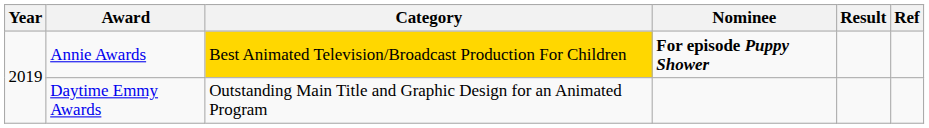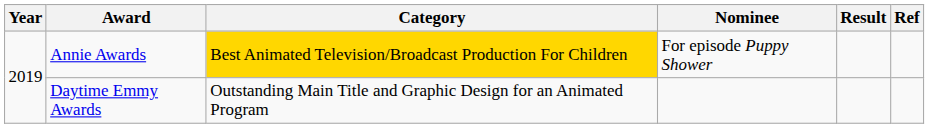 <table class="wikitable sortable">
 <tr>
 <th>Year</th>
 <th>Award</th>
 <th>Category</th>
 <th>Nominee</th>
 <th>Result</th>
 <th>Ref</th>
 </tr>
 <tr>
 <td rowspan="2">2019</td>
 <td rowspan="1"><a href='#'>Annie Awards</a></td>
 <td style="background: gold;">Best Animated Television/Broadcast Production For Children</td>
-<td><strong>For episode <em>Puppy Shower</em></strong></td>
+<td>For episode <em>Puppy Shower</em></td>
 <td></td>
 <td></td>
 </tr>
 <tr>
 <td rowspan="1"><a href='#'>Daytime Emmy Awards</a></td>
 <td>Outstanding Main Title and Graphic Design for an Animated Program</td>
 <td></td>
 <td></td>
 <td></td>
 </tr>
 </table>
